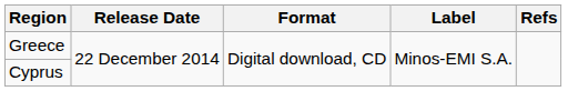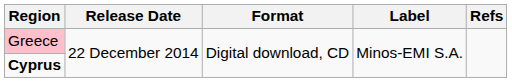 <table class="wikitable">
 <tr>
 <th>Region</th>
 <th>Release Date</th>
 <th>Format</th>
 <th>Label</th>
 <th>Refs</th>
 </tr>
 <tr>
-<td>Greece</td>
+<td style="background: pink;">Greece</td>
 <td rowspan="2">22 December 2014</td>
 <td rowspan="2">Digital download, CD</td>
 <td rowspan="2">Minos-EMI S.A.</td>
 <td rowspan="2"></td>
 </tr>
 <tr>
-<td>Cyprus</td>
+<td><strong>Cyprus</strong></td>
 </tr>
 </table>
